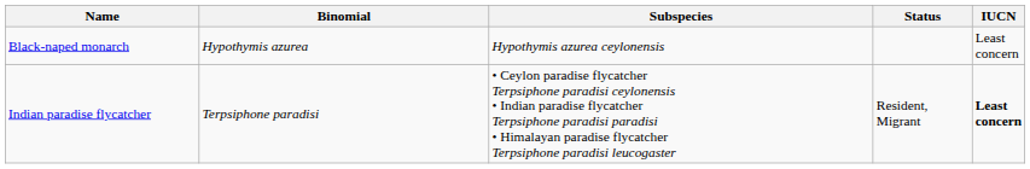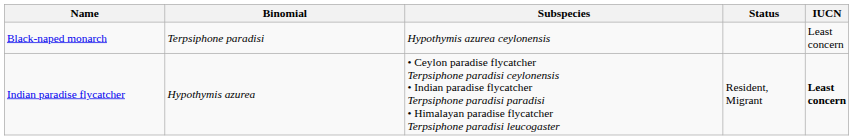 <table width=60% class="wikitable">
 <tr>
 <th width=20%>Name</th>
 <th width=30%>Binomial</th>
 <th width=40%>Subspecies</th>
 <th width=30%>Status</th>
 <th width=30%>IUCN</th>
 </tr>
 <tr>
 <td><a href='#'>Black-naped monarch</a><br></td>
-<td><em>Hypothymis azurea</em></td>
+<td><em>Terpsiphone paradisi</em></td>
 <td><em>Hypothymis azurea ceylonensis</em></td>
 <td></td>
 <td>Least concern</td>
 </tr>
 <tr>
 <td><a href='#'>Indian paradise flycatcher</a><br>  </td>
-<td><em>Terpsiphone paradisi</em></td>
+<td><em>Hypothymis azurea</em></td>
 <td>• Ceylon paradise flycatcher<br><em>Terpsiphone paradisi ceylonensis</em><br>• Indian paradise flycatcher<br><em>Terpsiphone paradisi paradisi</em><br>• Himalayan paradise flycatcher<br><em>Terpsiphone paradisi leucogaster</em></td>
 <td>Resident, Migrant</td>
 <td><strong>Least concern</strong></td>
 </tr>
 </table>
